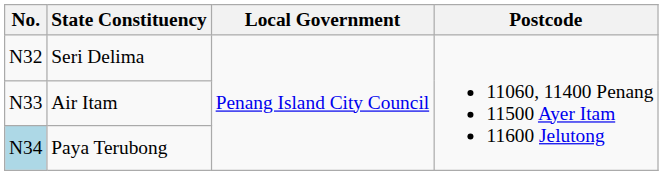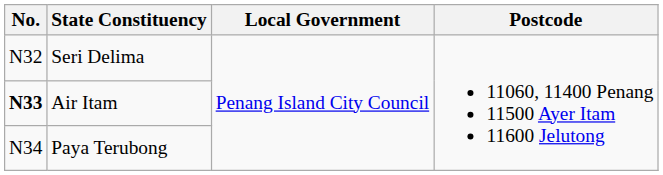 <table class="wikitable">
 <tr>
 <th>No.</th>
 <th>State Constituency</th>
 <th>Local Government</th>
 <th>Postcode</th>
 </tr>
 <tr>
 <td>N32</td>
 <td>Seri Delima</td>
 <td rowspan="3"><a href='#'>Penang Island City Council</a></td>
 <td rowspan="3"><br><ul><li>11060, 11400 Penang</li><li>11500 <a href='#'>Ayer Itam</a></li><li>11600 <a href='#'>Jelutong</a></li></ul></td>
 </tr>
 <tr>
-<td>N33</td>
+<td><strong>N33</strong></td>
 <td>Air Itam</td>
 </tr>
 <tr>
-<td style="background: lightblue;">N34</td>
+<td>N34</td>
 <td>Paya Terubong</td>
 </tr>
 </table>
